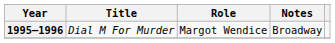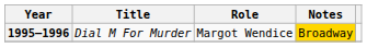 <table class="wikitable plainrowheaders sortable" style="margin-right: 0;">
 <tr>
 <th scope="col">Year</th>
 <th scope="col">Title</th>
 <th scope="col">Role</th>
 <th scope="col" class="unsortable">Notes</th>
 <th scope="col" class="unsortable"></th>
 </tr>
 <tr>
 <th scope="row">1995–1996</th>
 <td><em>Dial M For Murder</em></td>
 <td>Margot Wendice</td>
-<td>Broadway</td>
+<td style="background: gold;">Broadway</td>
 <td style="text-align:center;"></td>
 </tr>
 <tr>
 </tr>
 </table>
